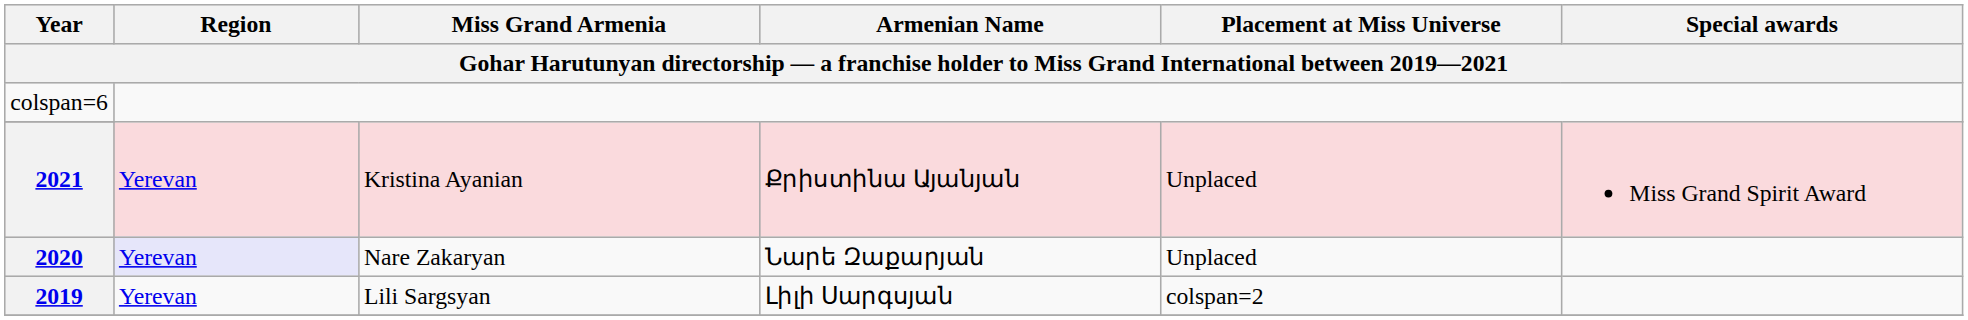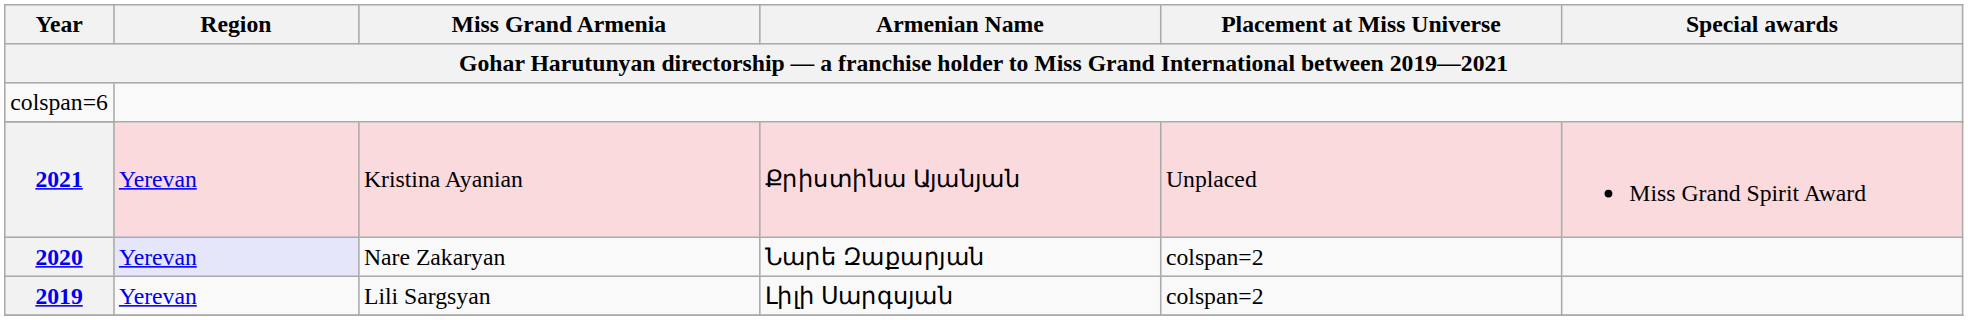 <table class="wikitable " style="font-size: 95%;">
 <tr>
 <th width="60">Year</th>
 <th width="150">Region</th>
 <th width="250">Miss Grand Armenia</th>
 <th width="250">Armenian Name</th>
 <th width="250">Placement at Miss Universe</th>
 <th width="250">Special awards</th>
 </tr>
 <tr>
 <th colspan="6">Gohar Harutunyan directorship — a franchise holder to Miss Grand International between 2019―2021</th>
 </tr>
 <tr>
 <td>colspan=6 </td>
 </tr>
 <tr>
 </tr>
 <tr style="background-color:#FADADD;">
 <th><a href='#'>2021</a></th>
 <td><a href='#'>Yerevan</a></td>
 <td>Kristina Ayanian</td>
 <td>Քրիստինա Այանյան</td>
 <td>Unplaced</td>
 <td align="left"><br><ul><li>Miss Grand Spirit Award</li></ul></td>
 </tr>
 <tr>
 <th><a href='#'>2020</a></th>
 <td style="background: lavender;"><a href='#'>Yerevan</a></td>
 <td>Nare Zakaryan</td>
 <td>Նարե Զաքարյան</td>
-<td>Unplaced</td>
+<td>colspan=2 </td>
 </tr>
 <tr>
 <th><a href='#'>2019</a></th>
 <td><a href='#'>Yerevan</a></td>
 <td>Lili Sargsyan</td>
 <td>Լիլի Սարգսյան</td>
 <td>colspan=2 </td>
 <td></td>
 </tr>
 <tr>
 </tr>
 </table>
